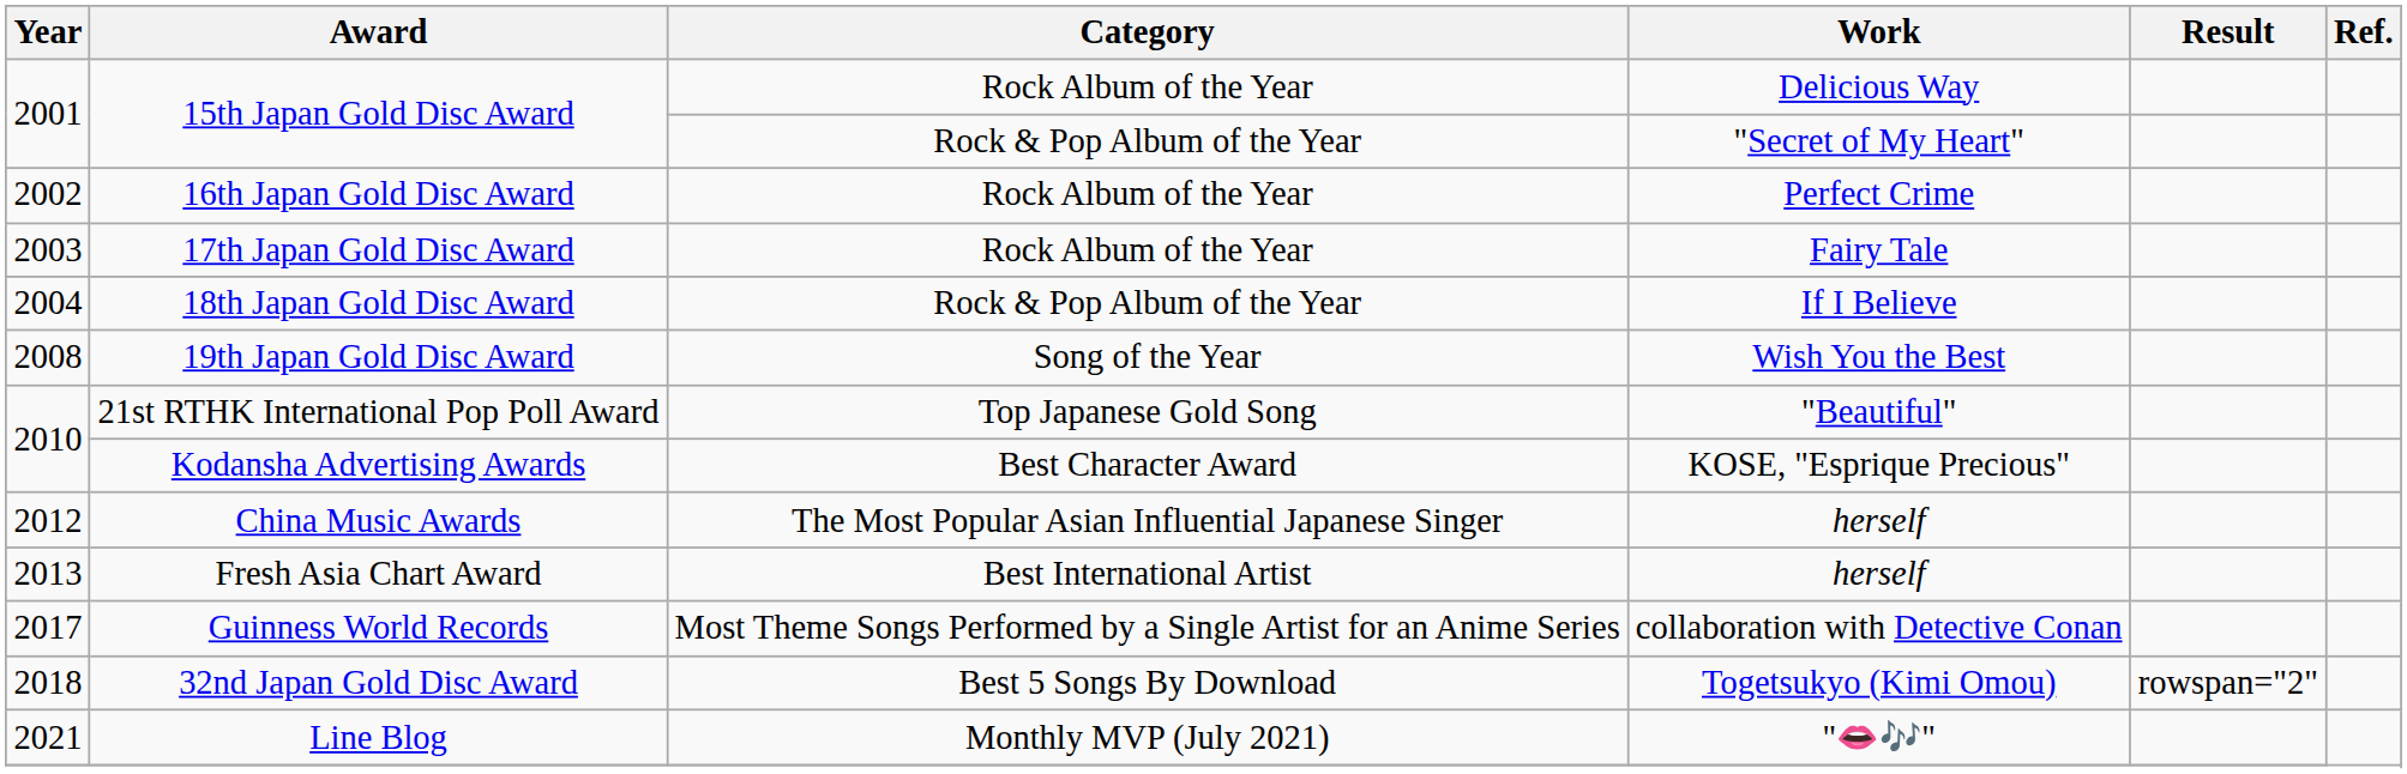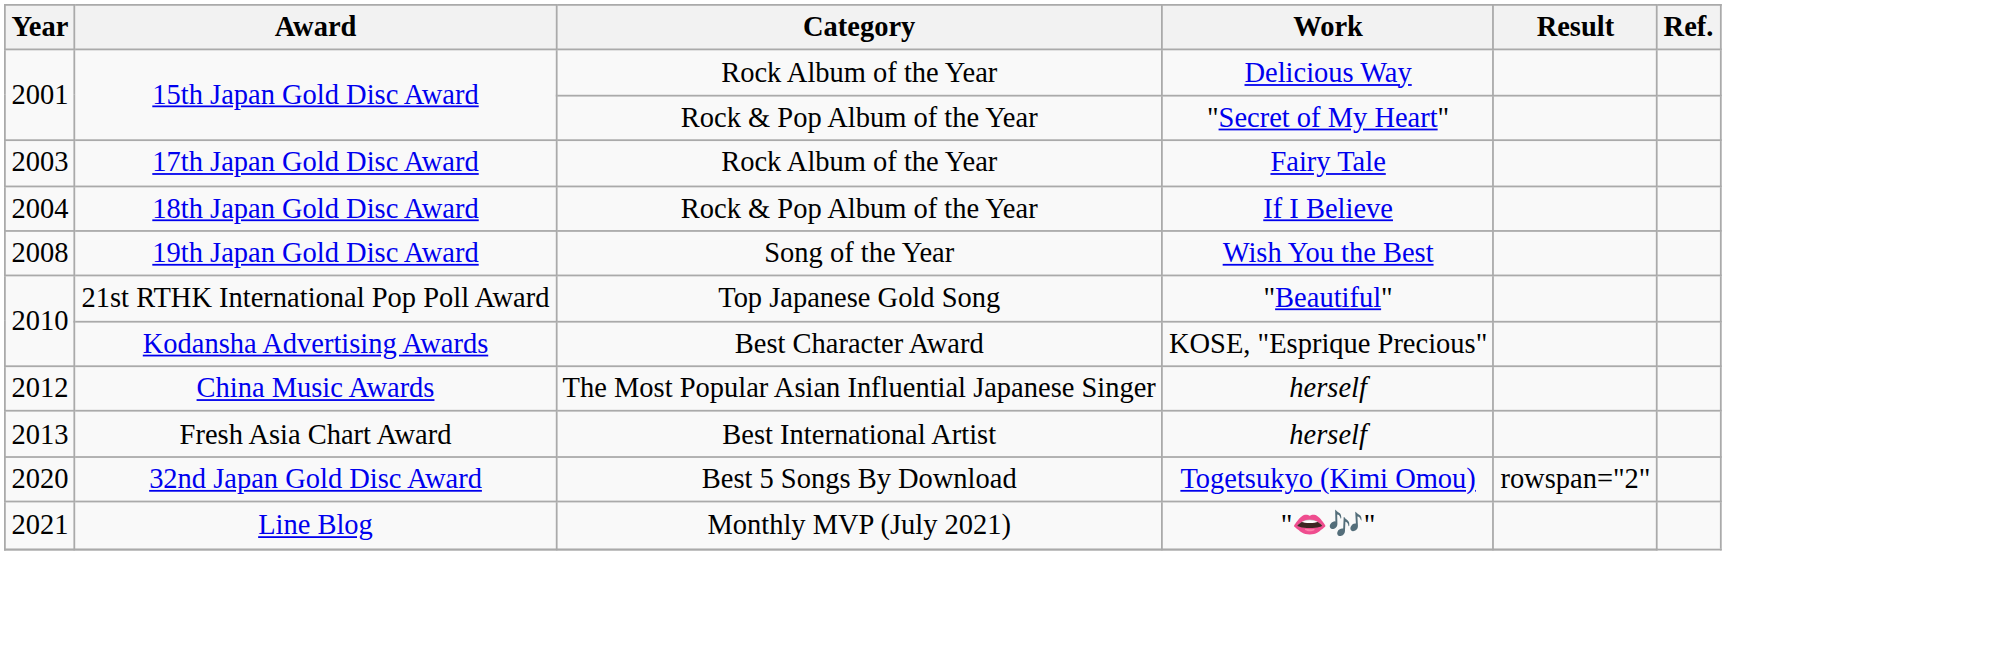 <table class="wikitable" style="text-align:center">
 <tr>
 <th>Year</th>
 <th>Award</th>
 <th>Category</th>
 <th>Work</th>
 <th>Result</th>
 <th>Ref.</th>
 </tr>
 <tr>
 <td rowspan="2">2001</td>
 <td rowspan="2"><a href='#'>15th Japan Gold Disc Award</a></td>
 <td>Rock Album of the Year</td>
 <td><a href='#'>Delicious Way</a></td>
 <td></td>
 <td></td>
 </tr>
 <tr>
 <td>Rock & Pop Album of the Year</td>
 <td>"<a href='#'>Secret of My Heart</a>"</td>
-<td></td>
-<td></td>
-</tr>
-<tr>
-<td>2002</td>
-<td><a href='#'>16th Japan Gold Disc Award</a></td>
-<td>Rock Album of the Year</td>
-<td><a href='#'>Perfect Crime</a></td>
 <td></td>
 <td></td>
 </tr>
 <tr>
 <td>2003</td>
 <td><a href='#'>17th Japan Gold Disc Award</a></td>
 <td>Rock Album of the Year</td>
 <td><a href='#'>Fairy Tale</a></td>
 <td></td>
 <td></td>
 </tr>
 <tr>
 <td>2004</td>
 <td><a href='#'>18th Japan Gold Disc Award</a></td>
 <td>Rock & Pop Album of the Year</td>
 <td><a href='#'>If I Believe</a></td>
 <td></td>
 <td></td>
 </tr>
 <tr>
 <td>2008</td>
 <td><a href='#'>19th Japan Gold Disc Award</a></td>
 <td>Song of the Year</td>
 <td><a href='#'>Wish You the Best</a></td>
 <td></td>
 <td></td>
 </tr>
 <tr>
 <td rowspan="2">2010</td>
 <td>21st RTHK International Pop Poll Award</td>
 <td>Top Japanese Gold Song</td>
 <td>"<a href='#'>Beautiful</a>"</td>
 <td></td>
 <td></td>
 </tr>
 <tr>
 <td><a href='#'>Kodansha Advertising Awards</a></td>
 <td>Best Character Award</td>
 <td>KOSE, "Esprique Precious"</td>
 <td></td>
 <td></td>
 </tr>
 <tr>
 <td>2012</td>
 <td><a href='#'>China Music Awards</a></td>
 <td>The Most Popular Asian Influential Japanese Singer</td>
 <td><em>herself</em></td>
 <td></td>
 <td></td>
 </tr>
 <tr>
 <td>2013</td>
 <td>Fresh Asia Chart Award</td>
 <td>Best International Artist</td>
 <td><em>herself</em></td>
 <td></td>
 <td></td>
 </tr>
 <tr>
-<td>2017</td>
-<td><a href='#'>Guinness World Records</a></td>
-<td>Most Theme Songs Performed by a Single Artist for an Anime Series</td>
-<td>collaboration with <a href='#'>Detective Conan</a></td>
-<td></td>
-<td></td>
-</tr>
-<tr>
-<td>2018</td>
+<td>2020</td>
 <td><a href='#'>32nd Japan Gold Disc Award</a></td>
 <td>Best 5 Songs By Download</td>
 <td><a href='#'>Togetsukyo (Kimi Omou)</a></td>
 <td>rowspan="2" </td>
 <td></td>
 </tr>
 <tr>
 <td>2021</td>
 <td><a href='#'>Line Blog</a></td>
 <td>Monthly MVP (July 2021)</td>
 <td>"👄🎶"</td>
 <td></td>
 </tr>
 <tr>
 </tr>
 </table>
